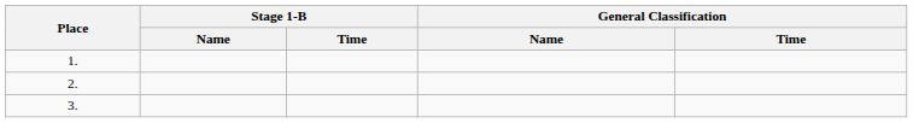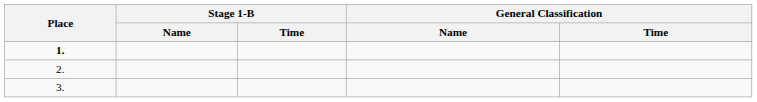 <table class=wikitable style="font-size:95%" width="80%">
 <tr>
 <th rowspan="2">Place</th>
 <th colspan="2">Stage 1-B</th>
 <th colspan="2">General Classification</th>
 </tr>
 <tr>
 <th>Name</th>
 <th>Time</th>
 <th>Name</th>
 <th>Time</th>
 </tr>
 <tr>
-<td align="center">1.</td>
+<td align="center"><strong>1.</strong></td>
 <td></td>
 <td></td>
 <td></td>
 <td></td>
 </tr>
 <tr>
 <td align="center">2.</td>
 <td></td>
 <td></td>
 <td></td>
 <td></td>
 </tr>
 <tr>
 <td align="center">3.</td>
 <td></td>
 <td></td>
 <td></td>
 <td></td>
 </tr>
 </table>
